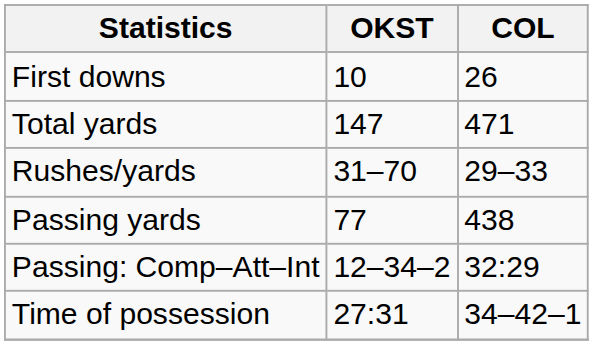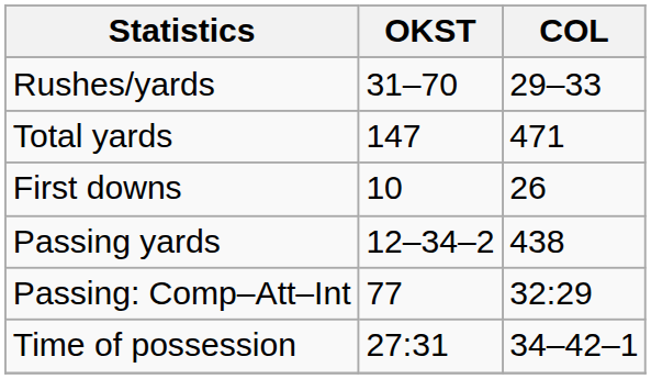 <table class="wikitable" style="float: left;">
 <tr>
 <th>Statistics</th>
 <th>OKST</th>
 <th>COL</th>
 </tr>
 <tr>
-<td>First downs</td>
-<td>10</td>
-<td>26</td>
+<td>Rushes/yards</td>
+<td>31–70</td>
+<td>29–33</td>
 </tr>
 <tr>
 <td>Total yards</td>
 <td>147</td>
 <td>471</td>
 </tr>
 <tr>
-<td>Rushes/yards</td>
-<td>31–70</td>
-<td>29–33</td>
+<td>First downs</td>
+<td>10</td>
+<td>26</td>
 </tr>
 <tr>
 <td>Passing yards</td>
-<td>77</td>
+<td>12–34–2</td>
 <td>438</td>
 </tr>
 <tr>
 <td>Passing: Comp–Att–Int</td>
-<td>12–34–2</td>
+<td>77</td>
 <td>32:29</td>
 </tr>
 <tr>
 <td>Time of possession</td>
 <td>27:31</td>
 <td>34–42–1</td>
 </tr>
 <tr>
 </tr>
 </table>
